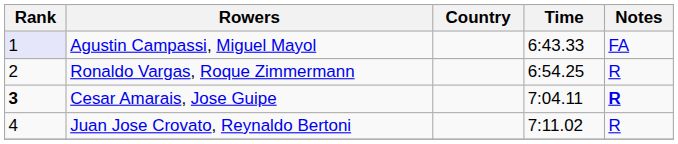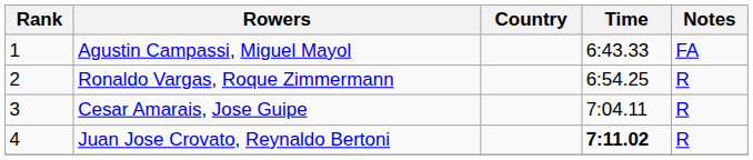 <table class="wikitable" width=50%>
 <tr>
 <th>Rank</th>
 <th>Rowers</th>
 <th>Country</th>
 <th>Time</th>
 <th>Notes</th>
 </tr>
 <tr>
-<td style="background: lavender;">1</td>
+<td>1</td>
 <td><a href='#'>Agustin Campassi</a>, <a href='#'>Miguel Mayol</a></td>
 <td></td>
 <td>6:43.33</td>
 <td><a href='#'>FA</a></td>
 </tr>
 <tr>
 <td>2</td>
 <td><a href='#'>Ronaldo Vargas</a>, <a href='#'>Roque Zimmermann</a></td>
 <td></td>
 <td>6:54.25</td>
 <td><a href='#'>R</a></td>
 </tr>
 <tr>
-<td><strong>3</strong></td>
+<td>3</td>
 <td><a href='#'>Cesar Amarais</a>, <a href='#'>Jose Guipe</a></td>
 <td></td>
 <td>7:04.11</td>
-<td><strong><a href='#'>R</a></strong></td>
+<td><a href='#'>R</a></td>
 </tr>
 <tr>
 <td>4</td>
 <td><a href='#'>Juan Jose Crovato</a>, <a href='#'>Reynaldo Bertoni</a></td>
 <td></td>
-<td>7:11.02</td>
+<td><strong>7:11.02</strong></td>
 <td><a href='#'>R</a></td>
 </tr>
 <tr>
 </tr>
 </table>
